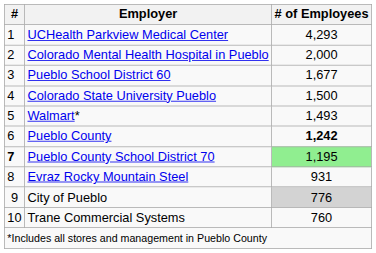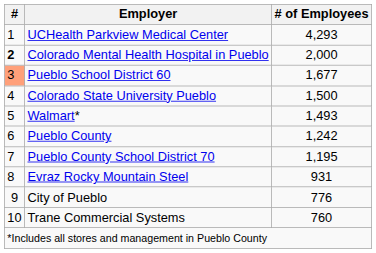 <table class="wikitable">
 <tr>
 <th>#</th>
 <th>Employer</th>
 <th># of Employees</th>
 </tr>
 <tr>
 <td>1</td>
 <td><a href='#'>UCHealth Parkview Medical Center</a></td>
 <td style="text-align:center">4,293</td>
 </tr>
 <tr>
-<td>2</td>
+<td><strong>2</strong></td>
 <td><a href='#'>Colorado Mental Health Hospital in Pueblo</a></td>
 <td style="text-align:center">2,000</td>
 </tr>
 <tr>
-<td>3</td>
+<td style="background: lightsalmon;">3</td>
 <td><a href='#'>Pueblo School District 60</a></td>
 <td style="text-align:center">1,677</td>
 </tr>
 <tr>
 <td>4</td>
 <td><a href='#'>Colorado State University Pueblo</a></td>
 <td style="text-align:center">1,500</td>
 </tr>
 <tr>
 <td>5</td>
 <td><a href='#'>Walmart</a>*</td>
 <td style="text-align:center">1,493</td>
 </tr>
 <tr>
 <td>6</td>
 <td><a href='#'>Pueblo County</a></td>
-<td style="text-align:center"><strong>1,242</strong></td>
+<td style="text-align:center">1,242</td>
 </tr>
 <tr>
-<td><strong>7</strong></td>
+<td>7</td>
 <td><a href='#'>Pueblo County School District 70</a></td>
-<td style="background: lightgreen; text-align:center">1,195</td>
+<td style="text-align:center">1,195</td>
 </tr>
 <tr>
 <td>8</td>
 <td><a href='#'>Evraz Rocky Mountain Steel</a></td>
 <td style="text-align:center">931</td>
 </tr>
 <tr>
 <td style="text-align:center">9</td>
 <td>City of Pueblo</td>
-<td style="background: lightgrey; text-align:center">776</td>
+<td style="text-align:center">776</td>
 </tr>
 <tr>
 <td style="text-align:center">10</td>
 <td>Trane Commercial Systems</td>
 <td style="text-align:center">760</td>
 </tr>
 <tr>
 <td colspan="3"><small>*Includes all stores and management in Pueblo County</small></td>
 </tr>
 </table>
